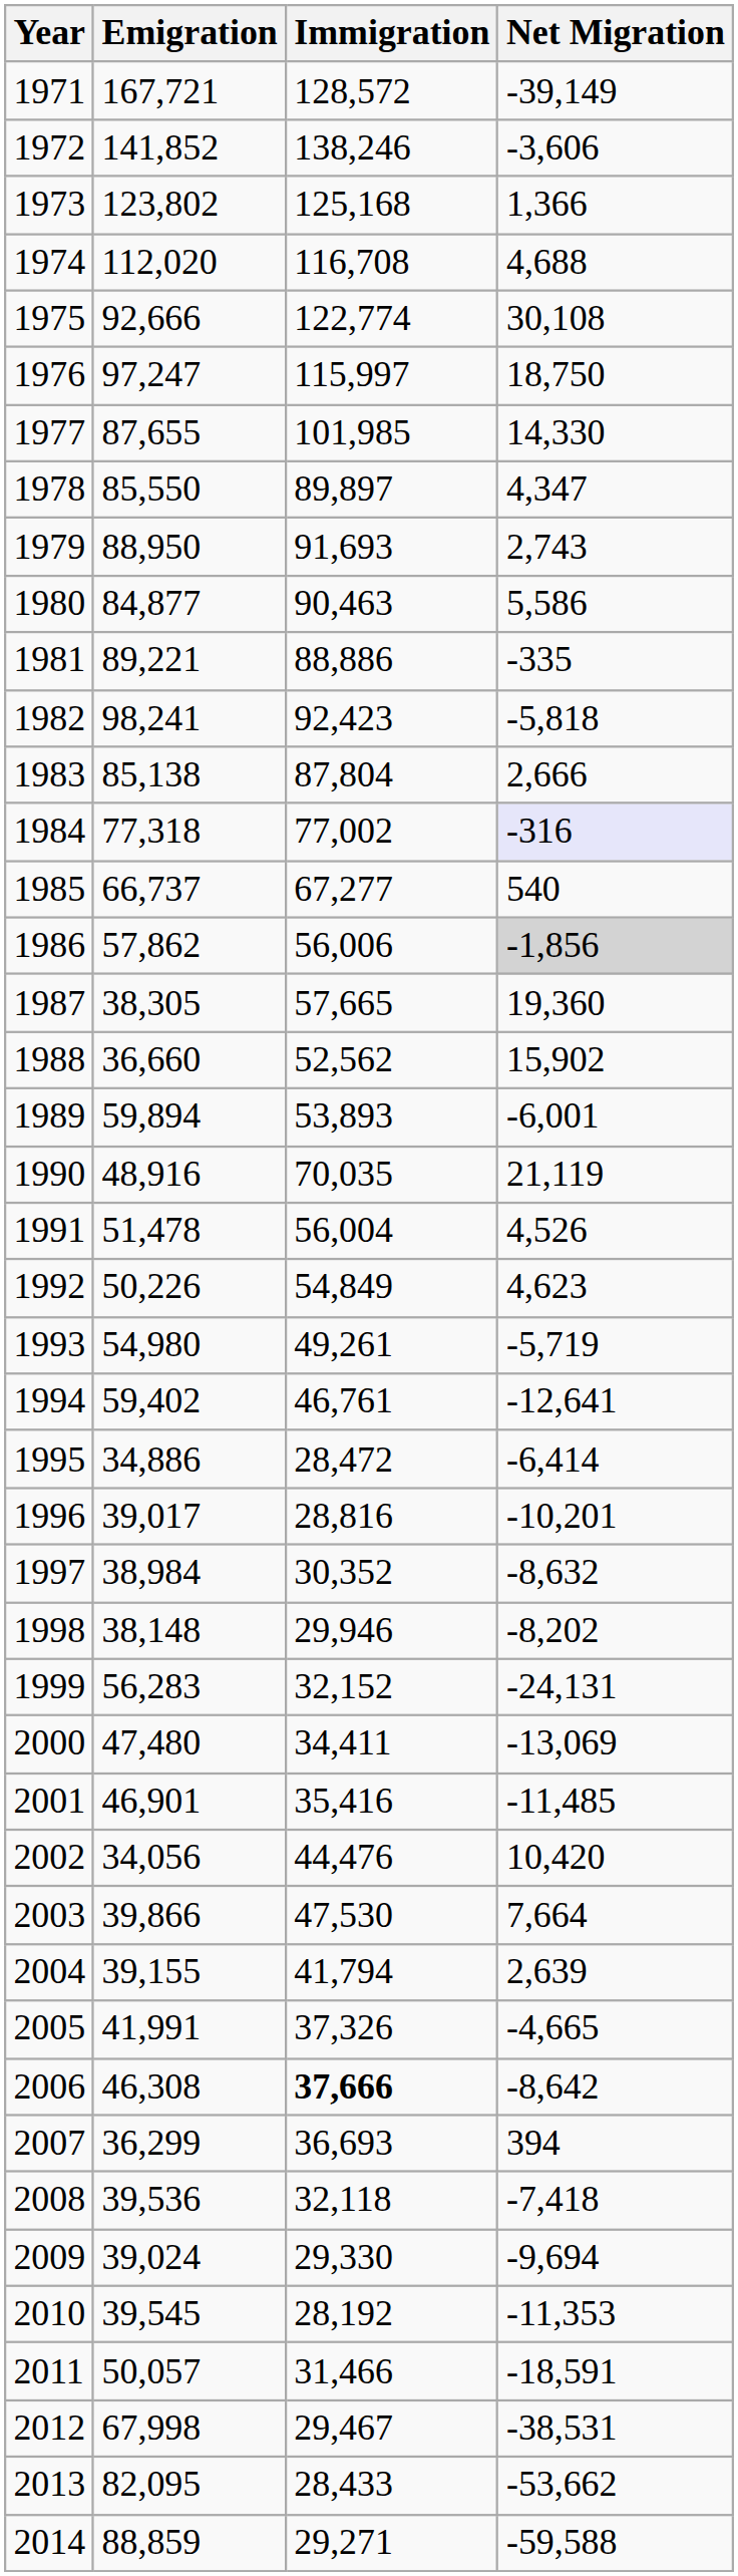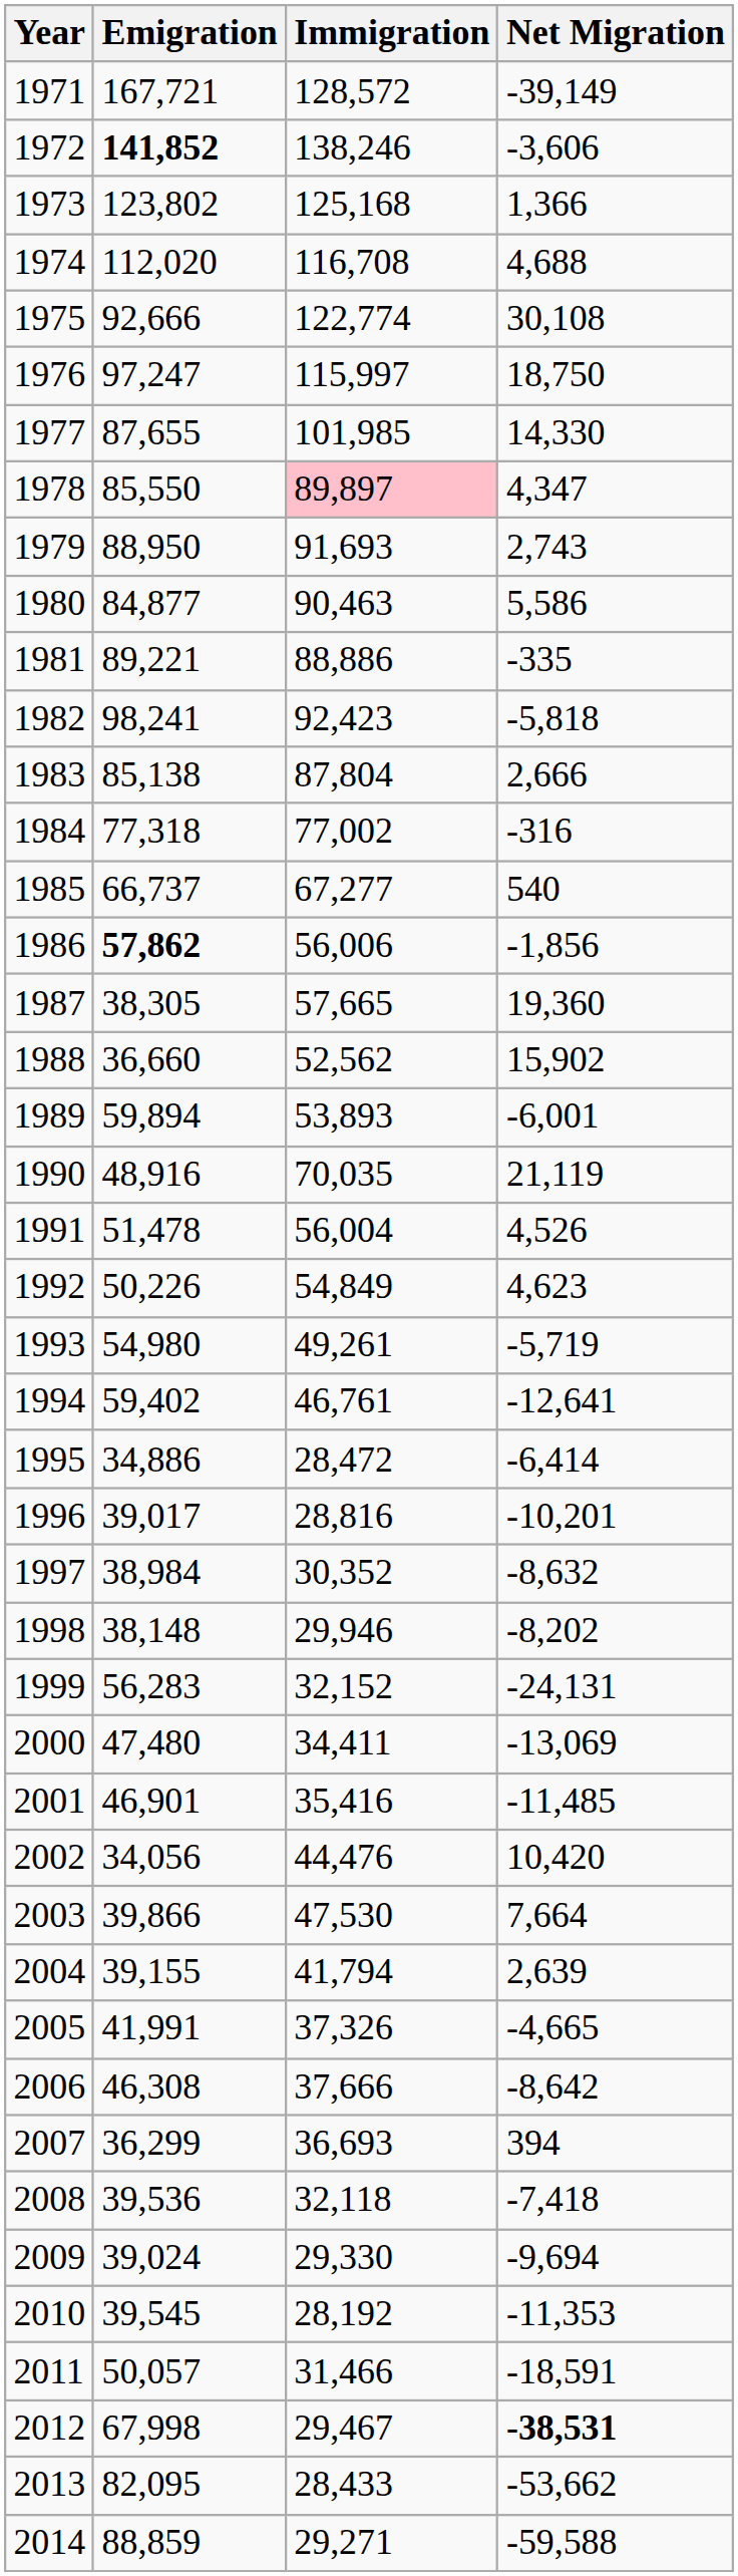 <table class="wikitable sortable mw-collapsible mw-collapsed">
 <tr>
 <th>Year</th>
 <th>Emigration</th>
 <th>Immigration</th>
 <th>Net Migration</th>
 </tr>
 <tr>
 <td>1971</td>
 <td>167,721</td>
 <td>128,572</td>
 <td>-39,149</td>
 </tr>
 <tr>
 <td>1972</td>
-<td>141,852</td>
+<td><strong>141,852</strong></td>
 <td>138,246</td>
 <td>-3,606</td>
 </tr>
 <tr>
 <td>1973</td>
 <td>123,802</td>
 <td>125,168</td>
 <td>1,366</td>
 </tr>
 <tr>
 <td>1974</td>
 <td>112,020</td>
 <td>116,708</td>
 <td>4,688</td>
 </tr>
 <tr>
 <td>1975</td>
 <td>92,666</td>
 <td>122,774</td>
 <td>30,108</td>
 </tr>
 <tr>
 <td>1976</td>
 <td>97,247</td>
 <td>115,997</td>
 <td>18,750</td>
 </tr>
 <tr>
 <td>1977</td>
 <td>87,655</td>
 <td>101,985</td>
 <td>14,330</td>
 </tr>
 <tr>
 <td>1978</td>
 <td>85,550</td>
-<td>89,897</td>
+<td style="background: pink;">89,897</td>
 <td>4,347</td>
 </tr>
 <tr>
 <td>1979</td>
 <td>88,950</td>
 <td>91,693</td>
 <td>2,743</td>
 </tr>
 <tr>
 <td>1980</td>
 <td>84,877</td>
 <td>90,463</td>
 <td>5,586</td>
 </tr>
 <tr>
 <td>1981</td>
 <td>89,221</td>
 <td>88,886</td>
 <td>-335</td>
 </tr>
 <tr>
 <td>1982</td>
 <td>98,241</td>
 <td>92,423</td>
 <td>-5,818</td>
 </tr>
 <tr>
 <td>1983</td>
 <td>85,138</td>
 <td>87,804</td>
 <td>2,666</td>
 </tr>
 <tr>
 <td>1984</td>
 <td>77,318</td>
 <td>77,002</td>
-<td style="background: lavender;">-316</td>
+<td>-316</td>
 </tr>
 <tr>
 <td>1985</td>
 <td>66,737</td>
 <td>67,277</td>
 <td>540</td>
 </tr>
 <tr>
 <td>1986</td>
-<td>57,862</td>
+<td><strong>57,862</strong></td>
 <td>56,006</td>
-<td style="background: lightgrey;">-1,856</td>
+<td>-1,856</td>
 </tr>
 <tr>
 <td>1987</td>
 <td>38,305</td>
 <td>57,665</td>
 <td>19,360</td>
 </tr>
 <tr>
 <td>1988</td>
 <td>36,660</td>
 <td>52,562</td>
 <td>15,902</td>
 </tr>
 <tr>
 <td>1989</td>
 <td>59,894</td>
 <td>53,893</td>
 <td>-6,001</td>
 </tr>
 <tr>
 <td>1990</td>
 <td>48,916</td>
 <td>70,035</td>
 <td>21,119</td>
 </tr>
 <tr>
 <td>1991</td>
 <td>51,478</td>
 <td>56,004</td>
 <td>4,526</td>
 </tr>
 <tr>
 <td>1992</td>
 <td>50,226</td>
 <td>54,849</td>
 <td>4,623</td>
 </tr>
 <tr>
 <td>1993</td>
 <td>54,980</td>
 <td>49,261</td>
 <td>-5,719</td>
 </tr>
 <tr>
 <td>1994</td>
 <td>59,402</td>
 <td>46,761</td>
 <td>-12,641</td>
 </tr>
 <tr>
 <td>1995</td>
 <td>34,886</td>
 <td>28,472</td>
 <td>-6,414</td>
 </tr>
 <tr>
 <td>1996</td>
 <td>39,017</td>
 <td>28,816</td>
 <td>-10,201</td>
 </tr>
 <tr>
 <td>1997</td>
 <td>38,984</td>
 <td>30,352</td>
 <td>-8,632</td>
 </tr>
 <tr>
 <td>1998</td>
 <td>38,148</td>
 <td>29,946</td>
 <td>-8,202</td>
 </tr>
 <tr>
 <td>1999</td>
 <td>56,283</td>
 <td>32,152</td>
 <td>-24,131</td>
 </tr>
 <tr>
 <td>2000</td>
 <td>47,480</td>
 <td>34,411</td>
 <td>-13,069</td>
 </tr>
 <tr>
 <td>2001</td>
 <td>46,901</td>
 <td>35,416</td>
 <td>-11,485</td>
 </tr>
 <tr>
 <td>2002</td>
 <td>34,056</td>
 <td>44,476</td>
 <td>10,420</td>
 </tr>
 <tr>
 <td>2003</td>
 <td>39,866</td>
 <td>47,530</td>
 <td>7,664</td>
 </tr>
 <tr>
 <td>2004</td>
 <td>39,155</td>
 <td>41,794</td>
 <td>2,639</td>
 </tr>
 <tr>
 <td>2005</td>
 <td>41,991</td>
 <td>37,326</td>
 <td>-4,665</td>
 </tr>
 <tr>
 <td>2006</td>
 <td>46,308</td>
-<td><strong>37,666</strong></td>
+<td>37,666</td>
 <td>-8,642</td>
 </tr>
 <tr>
 <td>2007</td>
 <td>36,299</td>
 <td>36,693</td>
 <td>394</td>
 </tr>
 <tr>
 <td>2008</td>
 <td>39,536</td>
 <td>32,118</td>
 <td>-7,418</td>
 </tr>
 <tr>
 <td>2009</td>
 <td>39,024</td>
 <td>29,330</td>
 <td>-9,694</td>
 </tr>
 <tr>
 <td>2010</td>
 <td>39,545</td>
 <td>28,192</td>
 <td>-11,353</td>
 </tr>
 <tr>
 <td>2011</td>
 <td>50,057</td>
 <td>31,466</td>
 <td>-18,591</td>
 </tr>
 <tr>
 <td>2012</td>
 <td>67,998</td>
 <td>29,467</td>
-<td>-38,531</td>
+<td><strong>-38,531</strong></td>
 </tr>
 <tr>
 <td>2013</td>
 <td>82,095</td>
 <td>28,433</td>
 <td>-53,662</td>
 </tr>
 <tr>
 <td>2014</td>
 <td>88,859</td>
 <td>29,271</td>
 <td>-59,588</td>
 </tr>
 </table>
